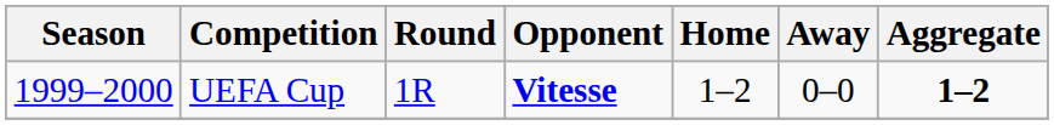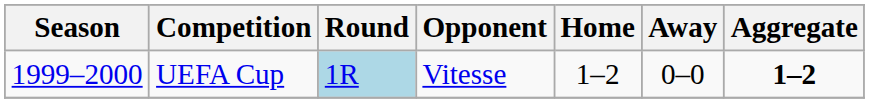 <table class="wikitable">
 <tr>
 <th>Season</th>
 <th>Competition</th>
 <th>Round</th>
 <th>Opponent</th>
 <th>Home</th>
 <th>Away</th>
 <th>Aggregate</th>
 </tr>
 <tr>
 <td><a href='#'>1999–2000</a></td>
 <td><a href='#'>UEFA Cup</a></td>
-<td><a href='#'>1R</a></td>
-<td><strong> <a href='#'>Vitesse</a></strong></td>
+<td style="background: lightblue;"><a href='#'>1R</a></td>
+<td> <a href='#'>Vitesse</a></td>
 <td style="text-align:center;">1–2</td>
 <td style="text-align:center;">0–0</td>
 <td style="text-align:center;"><strong>1–2</strong></td>
 </tr>
 <tr>
 </tr>
 </table>
